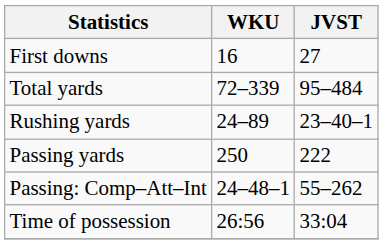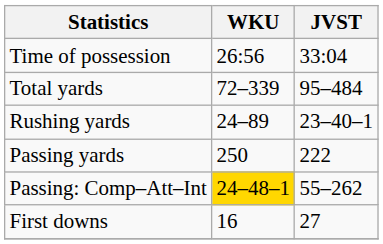 <table class="wikitable" style="float: left;">
 <tr>
 <th>Statistics</th>
 <th>WKU</th>
 <th>JVST</th>
 </tr>
 <tr>
-<td>First downs</td>
-<td>16</td>
-<td>27</td>
+<td>Time of possession</td>
+<td>26:56</td>
+<td>33:04</td>
 </tr>
 <tr>
 <td>Total yards</td>
 <td>72–339</td>
 <td>95–484</td>
 </tr>
 <tr>
 <td>Rushing yards</td>
 <td>24–89</td>
 <td>23–40–1</td>
 </tr>
 <tr>
 <td>Passing yards</td>
 <td>250</td>
 <td>222</td>
 </tr>
 <tr>
 <td>Passing: Comp–Att–Int</td>
-<td>24–48–1</td>
+<td style="background: gold;">24–48–1</td>
 <td>55–262</td>
 </tr>
 <tr>
-<td>Time of possession</td>
-<td>26:56</td>
-<td>33:04</td>
+<td>First downs</td>
+<td>16</td>
+<td>27</td>
 </tr>
 <tr>
 </tr>
 </table>
